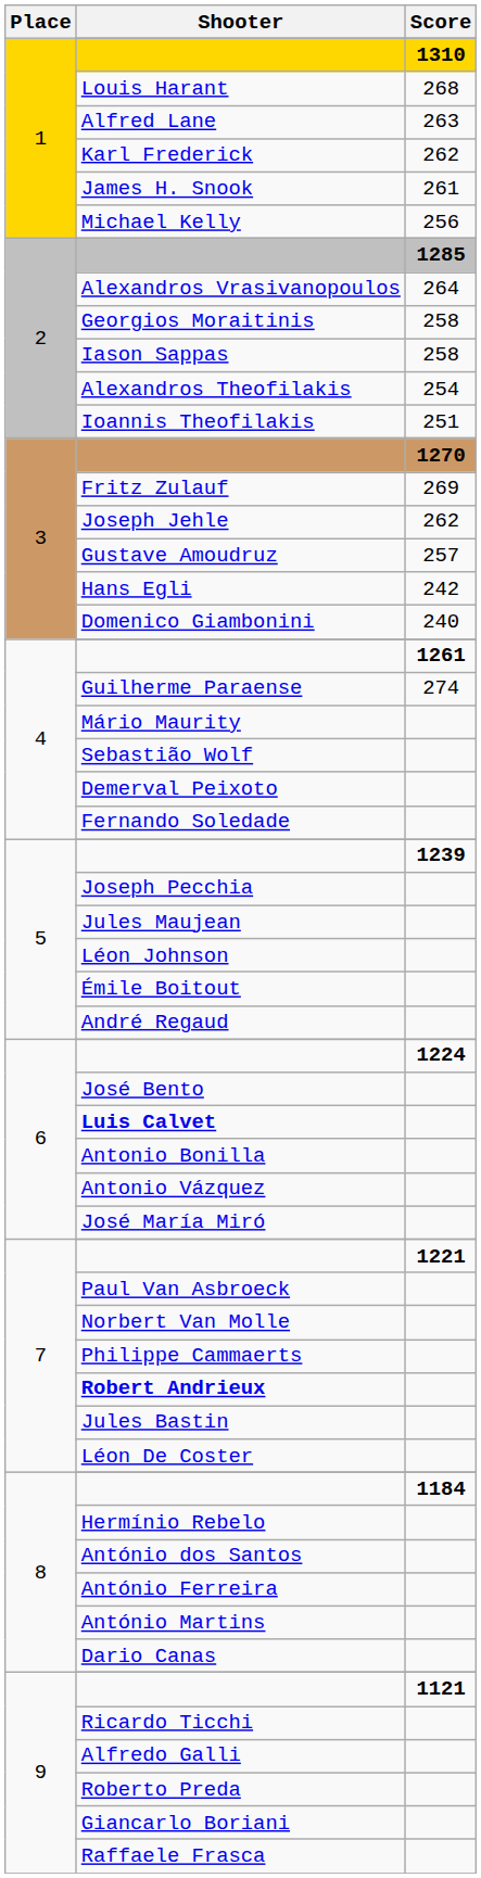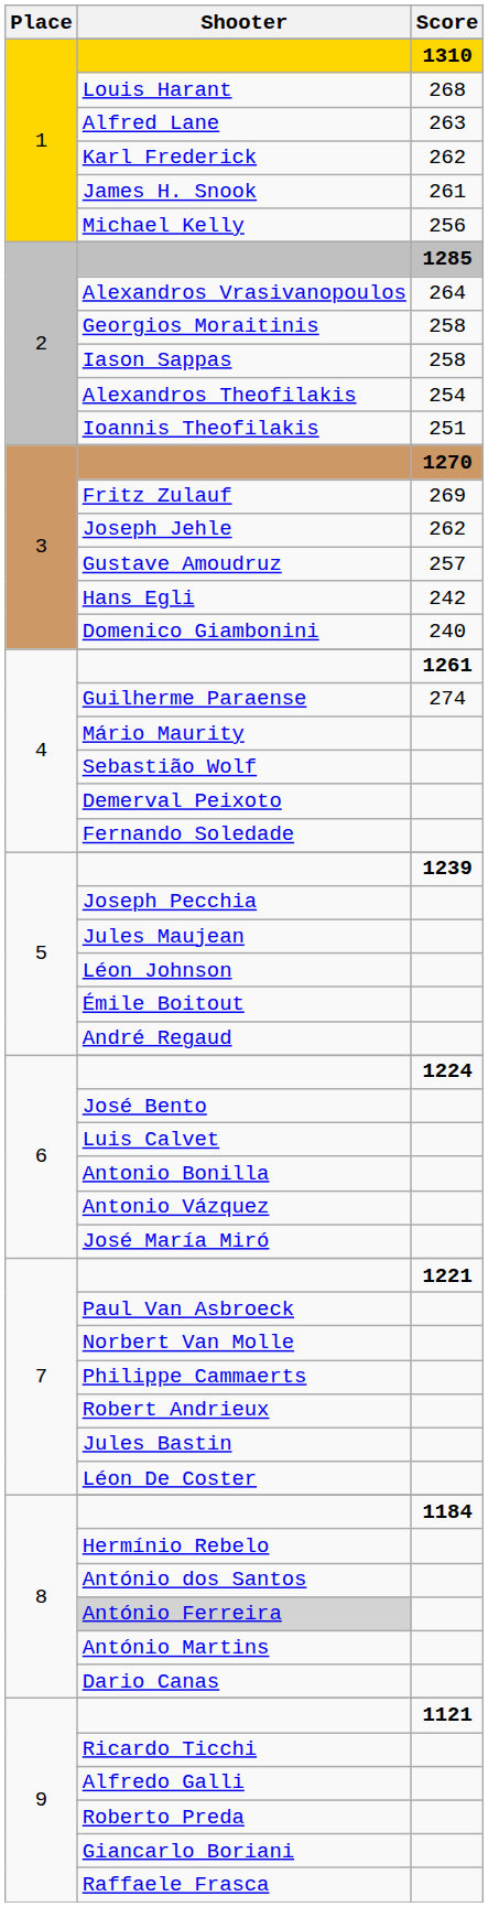 <table class=wikitable style="text-align:center">
 <tr>
 <th>Place</th>
 <th>Shooter</th>
 <th>Score</th>
 </tr>
 <tr>
 <td rowspan=7 align=center bgcolor=gold>1</td>
 </tr>
 <tr>
 <td align=left bgcolor=gold></td>
 <td bgcolor=gold><strong>1310</strong></td>
 </tr>
 <tr>
 <td align=left><a href='#'>Louis Harant</a></td>
 <td>268</td>
 </tr>
 <tr>
 <td align=left><a href='#'>Alfred Lane</a></td>
 <td>263</td>
 </tr>
 <tr>
 <td align=left><a href='#'>Karl Frederick</a></td>
 <td>262</td>
 </tr>
 <tr>
 <td align=left><a href='#'>James H. Snook</a></td>
 <td>261</td>
 </tr>
 <tr>
 <td align=left><a href='#'>Michael Kelly</a></td>
 <td>256</td>
 </tr>
 <tr>
 <td rowspan=7 align=center bgcolor=silver>2</td>
 </tr>
 <tr>
 <td align=left bgcolor=silver></td>
 <td bgcolor=silver><strong>1285</strong></td>
 </tr>
 <tr>
 <td align=left><a href='#'>Alexandros Vrasivanopoulos</a></td>
 <td>264</td>
 </tr>
 <tr>
 <td align=left><a href='#'>Georgios Moraitinis</a></td>
 <td>258</td>
 </tr>
 <tr>
 <td align=left><a href='#'>Iason Sappas</a></td>
 <td>258</td>
 </tr>
 <tr>
 <td align=left><a href='#'>Alexandros Theofilakis</a></td>
 <td>254</td>
 </tr>
 <tr>
 <td align=left><a href='#'>Ioannis Theofilakis</a></td>
 <td>251</td>
 </tr>
 <tr>
 <td rowspan=7 align=center bgcolor=cc9966>3</td>
 </tr>
 <tr>
 <td align=left bgcolor=cc9966></td>
 <td bgcolor=cc9966><strong>1270</strong></td>
 </tr>
 <tr>
 <td align=left><a href='#'>Fritz Zulauf</a></td>
 <td>269</td>
 </tr>
 <tr>
 <td align=left><a href='#'>Joseph Jehle</a></td>
 <td>262</td>
 </tr>
 <tr>
 <td align=left><a href='#'>Gustave Amoudruz</a></td>
 <td>257</td>
 </tr>
 <tr>
 <td align=left><a href='#'>Hans Egli</a></td>
 <td>242</td>
 </tr>
 <tr>
 <td align=left><a href='#'>Domenico Giambonini</a></td>
 <td>240</td>
 </tr>
 <tr>
 <td rowspan=7>4</td>
 </tr>
 <tr>
 <td align=left></td>
 <td><strong>1261</strong></td>
 </tr>
 <tr>
 <td align=left><a href='#'>Guilherme Paraense</a></td>
 <td>274</td>
 </tr>
 <tr>
 <td align=left><a href='#'>Mário Maurity</a></td>
 <td></td>
 </tr>
 <tr>
 <td align=left><a href='#'>Sebastião Wolf</a></td>
 <td></td>
 </tr>
 <tr>
 <td align=left><a href='#'>Demerval Peixoto</a></td>
 <td></td>
 </tr>
 <tr>
 <td align=left><a href='#'>Fernando Soledade</a></td>
 <td></td>
 </tr>
 <tr>
 <td rowspan=7>5</td>
 </tr>
 <tr>
 <td align=left></td>
 <td><strong>1239</strong></td>
 </tr>
 <tr>
 <td align=left><a href='#'>Joseph Pecchia</a></td>
 <td></td>
 </tr>
 <tr>
 <td align=left><a href='#'>Jules Maujean</a></td>
 <td></td>
 </tr>
 <tr>
 <td align=left><a href='#'>Léon Johnson</a></td>
 <td></td>
 </tr>
 <tr>
 <td align=left><a href='#'>Émile Boitout</a></td>
 <td></td>
 </tr>
 <tr>
 <td align=left><a href='#'>André Regaud</a></td>
 <td></td>
 </tr>
 <tr>
 <td rowspan=7>6</td>
 </tr>
 <tr>
 <td align=left></td>
 <td><strong>1224</strong></td>
 </tr>
 <tr>
 <td align=left><a href='#'>José Bento</a></td>
 <td></td>
 </tr>
 <tr>
-<td align=left><strong><a href='#'>Luis Calvet</a></strong></td>
+<td align=left><a href='#'>Luis Calvet</a></td>
 <td></td>
 </tr>
 <tr>
 <td align=left><a href='#'>Antonio Bonilla</a></td>
 <td></td>
 </tr>
 <tr>
 <td align=left><a href='#'>Antonio Vázquez</a></td>
 <td></td>
 </tr>
 <tr>
 <td align=left><a href='#'>José María Miró</a></td>
 <td></td>
 </tr>
 <tr>
 <td rowspan=8>7</td>
 </tr>
 <tr>
 <td align=left></td>
 <td><strong>1221</strong></td>
 </tr>
 <tr>
 <td align=left><a href='#'>Paul Van Asbroeck</a></td>
 <td></td>
 </tr>
 <tr>
 <td align=left><a href='#'>Norbert Van Molle</a></td>
 <td></td>
 </tr>
 <tr>
 <td align=left><a href='#'>Philippe Cammaerts</a></td>
 <td></td>
 </tr>
 <tr>
-<td align=left><strong><a href='#'>Robert Andrieux</a></strong></td>
+<td align=left><a href='#'>Robert Andrieux</a></td>
 <td></td>
 </tr>
 <tr>
 <td align=left><a href='#'>Jules Bastin</a></td>
 <td></td>
 </tr>
 <tr>
 <td align=left><a href='#'>Léon De Coster</a></td>
 <td></td>
 </tr>
 <tr>
 <td rowspan=7>8</td>
 </tr>
 <tr>
 <td align=left></td>
 <td><strong>1184</strong></td>
 </tr>
 <tr>
 <td align=left><a href='#'>Hermínio Rebelo</a></td>
 <td></td>
 </tr>
 <tr>
 <td align=left><a href='#'>António dos Santos</a></td>
 <td></td>
 </tr>
 <tr>
-<td align=left><a href='#'>António Ferreira</a></td>
+<td align=left style="background: lightgrey;"><a href='#'>António Ferreira</a></td>
 <td></td>
 </tr>
 <tr>
 <td align=left><a href='#'>António Martins</a></td>
 <td></td>
 </tr>
 <tr>
 <td align=left><a href='#'>Dario Canas</a></td>
 <td></td>
 </tr>
 <tr>
 <td rowspan=7>9</td>
 </tr>
 <tr>
 <td align=left></td>
 <td><strong>1121</strong></td>
 </tr>
 <tr>
 <td align=left><a href='#'>Ricardo Ticchi</a></td>
 <td></td>
 </tr>
 <tr>
 <td align=left><a href='#'>Alfredo Galli</a></td>
 <td></td>
 </tr>
 <tr>
 <td align=left><a href='#'>Roberto Preda</a></td>
 <td></td>
 </tr>
 <tr>
 <td align=left><a href='#'>Giancarlo Boriani</a></td>
 <td></td>
 </tr>
 <tr>
 <td align=left><a href='#'>Raffaele Frasca</a></td>
 <td></td>
 </tr>
 </table>
